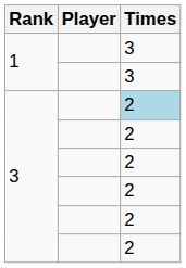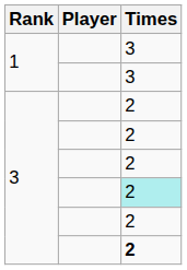 <table class="wikitable sortable">
 <tr>
 <th>Rank</th>
 <th>Player</th>
 <th>Times</th>
 </tr>
 <tr>
 <td rowspan=2>1</td>
 <td></td>
 <td>3</td>
 </tr>
 <tr>
 <td></td>
 <td>3</td>
 </tr>
 <tr>
 <td rowspan=6>3</td>
 <td></td>
-<td style="background: lightblue;">2</td>
-</tr>
-<tr>
-<td></td>
 <td>2</td>
 </tr>
 <tr>
 <td></td>
 <td>2</td>
 </tr>
 <tr>
 <td></td>
 <td>2</td>
 </tr>
 <tr>
 <td></td>
-<td>2</td>
+<td style="background: paleturquoise;">2</td>
 </tr>
 <tr>
 <td></td>
 <td>2</td>
 </tr>
+<tr>
+<td></td>
+<td><strong>2</strong></td>
+</tr>
 </table>
